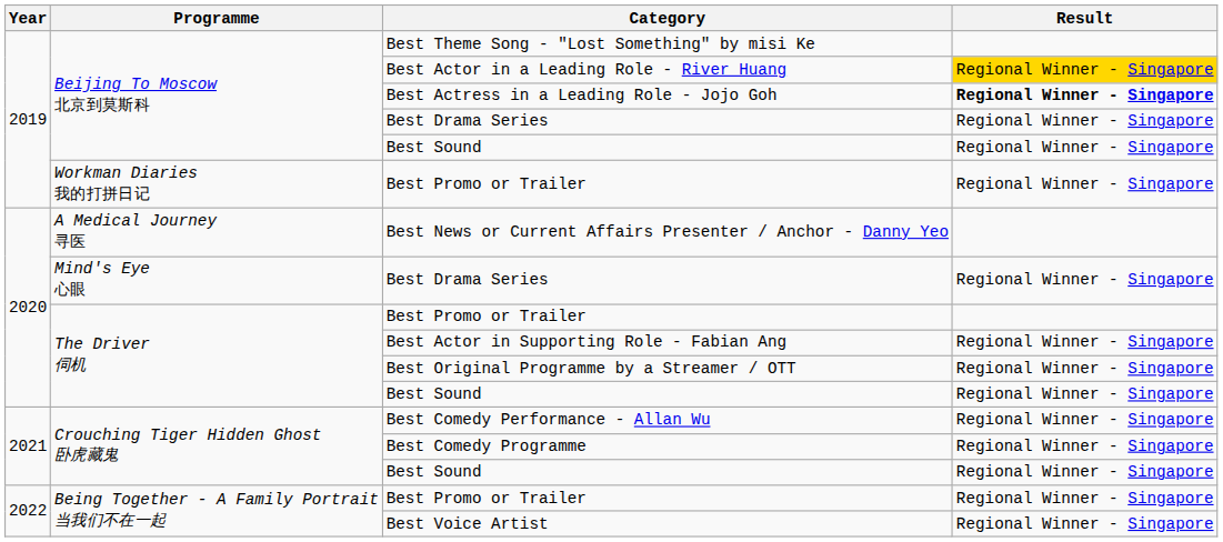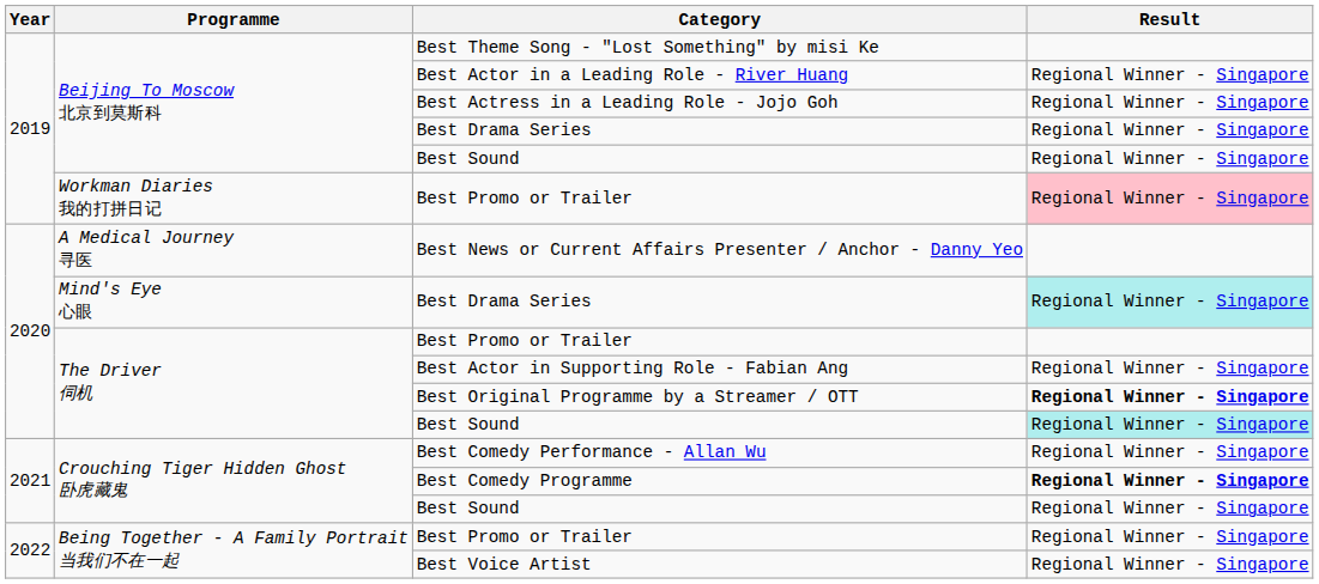 <table class="wikitable sortable">
 <tr>
 <th>Year</th>
 <th>Programme</th>
 <th>Category</th>
 <th>Result</th>
 </tr>
 <tr>
 <td rowspan="6">2019</td>
 <td rowspan="5"><em><a href='#'>Beijing To Moscow</a></em> <br> 北京到莫斯科</td>
 <td>Best Theme Song - "Lost Something" by misi Ke</td>
 <td></td>
 </tr>
 <tr>
 <td>Best Actor in a Leading Role - <a href='#'>River Huang</a></td>
-<td style="background: gold;">Regional Winner - <a href='#'>Singapore</a></td>
+<td>Regional Winner - <a href='#'>Singapore</a></td>
 </tr>
 <tr>
 <td>Best Actress in a Leading Role - Jojo Goh</td>
-<td><strong>Regional Winner - <a href='#'>Singapore</a></strong></td>
+<td>Regional Winner - <a href='#'>Singapore</a></td>
 </tr>
 <tr>
 <td>Best Drama Series</td>
 <td>Regional Winner - <a href='#'>Singapore</a></td>
 </tr>
 <tr>
 <td>Best Sound</td>
 <td>Regional Winner - <a href='#'>Singapore</a></td>
 </tr>
 <tr>
 <td><em>Workman Diaries</em> <br> 我的打拼日记</td>
 <td>Best Promo or Trailer</td>
-<td>Regional Winner - <a href='#'>Singapore</a></td>
+<td style="background: pink;">Regional Winner - <a href='#'>Singapore</a></td>
 </tr>
 <tr>
 <td rowspan="6">2020</td>
 <td><em>A Medical Journey</em> <br> 寻医</td>
 <td>Best News or Current Affairs Presenter / Anchor - <a href='#'>Danny Yeo</a></td>
 <td></td>
 </tr>
 <tr>
 <td><em>Mind's Eye</em> <br> 心眼</td>
 <td>Best Drama Series</td>
-<td>Regional Winner - <a href='#'>Singapore</a></td>
+<td style="background: paleturquoise;">Regional Winner - <a href='#'>Singapore</a></td>
 </tr>
 <tr>
 <td rowspan="4"><em>The Driver <br> 伺机</em></td>
 <td>Best Promo or Trailer</td>
 <td></td>
 </tr>
 <tr>
 <td>Best Actor in Supporting Role - Fabian Ang</td>
 <td>Regional Winner - <a href='#'>Singapore</a></td>
 </tr>
 <tr>
 <td>Best Original Programme by a Streamer / OTT</td>
-<td>Regional Winner - <a href='#'>Singapore</a></td>
+<td><strong>Regional Winner - <a href='#'>Singapore</a></strong></td>
 </tr>
 <tr>
 <td>Best Sound</td>
-<td>Regional Winner - <a href='#'>Singapore</a></td>
+<td style="background: paleturquoise;">Regional Winner - <a href='#'>Singapore</a></td>
 </tr>
 <tr>
 <td rowspan="3">2021</td>
 <td rowspan="3"><em>Crouching Tiger Hidden Ghost <br> 卧虎藏鬼</em></td>
 <td>Best Comedy Performance - <a href='#'>Allan Wu</a></td>
 <td>Regional Winner - <a href='#'>Singapore</a></td>
 </tr>
 <tr>
 <td>Best Comedy Programme</td>
-<td>Regional Winner - <a href='#'>Singapore</a></td>
+<td><strong>Regional Winner - <a href='#'>Singapore</a></strong></td>
 </tr>
 <tr>
 <td>Best Sound</td>
 <td>Regional Winner - <a href='#'>Singapore</a></td>
 </tr>
 <tr>
 <td rowspan="2">2022</td>
 <td rowspan="2"><em>Being Together - A Family Portrait <br> 当我们不在一起</em></td>
 <td>Best Promo or Trailer</td>
 <td>Regional Winner - <a href='#'>Singapore</a></td>
 </tr>
 <tr>
 <td>Best Voice Artist</td>
 <td>Regional Winner - <a href='#'>Singapore</a></td>
 </tr>
 </table>
